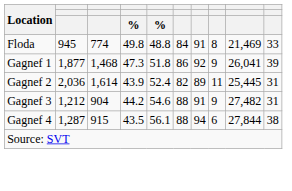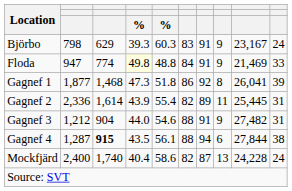 <table role="presentation" class="wikitable sortable mw-collapsible">
 <tr>
 <th rowspan="3">Location</th>
 <th></th>
 <th></th>
 <th></th>
 <th></th>
 <th></th>
 <th></th>
 <th></th>
 <th></th>
 <th></th>
 </tr>
 <tr>
 <th></th>
 <th></th>
 <th style="background:"></th>
 <th style="background:"></th>
 <th></th>
 <th></th>
 <th></th>
 <th></th>
 <th></th>
 </tr>
 <tr>
 <th data-sort-type="number"></th>
 <th data-sort-type="number"></th>
 <th data-sort-type="number">%</th>
 <th data-sort-type="number">%</th>
 <th data-sort-type="number"></th>
 <th data-sort-type="number"></th>
 <th data-sort-type="number"></th>
 <th data-sort-type="number"></th>
 <th data-sort-type="number"></th>
 </tr>
 <tr>
+<td align="left">Björbo</td>
+<td>798</td>
+<td>629</td>
+<td>39.3</td>
+<td>60.3</td>
+<td>83</td>
+<td>91</td>
+<td>9</td>
+<td>23,167</td>
+<td>24</td>
+</tr>
+<tr>
 <td align="left">Floda</td>
-<td>945</td>
+<td>947</td>
 <td>774</td>
-<td>49.8</td>
+<td style="background: lightyellow;">49.8</td>
 <td>48.8</td>
 <td>84</td>
 <td>91</td>
-<td>8</td>
+<td>9</td>
 <td>21,469</td>
 <td>33</td>
 </tr>
 <tr>
 <td align="left">Gagnef 1</td>
 <td>1,877</td>
 <td>1,468</td>
 <td>47.3</td>
 <td>51.8</td>
 <td>86</td>
 <td>92</td>
-<td>9</td>
+<td>8</td>
 <td>26,041</td>
 <td>39</td>
 </tr>
 <tr>
 <td align="left">Gagnef 2</td>
-<td>2,036</td>
+<td>2,336</td>
 <td>1,614</td>
 <td>43.9</td>
-<td>52.4</td>
+<td>55.4</td>
 <td>82</td>
 <td>89</td>
 <td>11</td>
 <td>25,445</td>
 <td>31</td>
 </tr>
 <tr>
 <td align="left">Gagnef 3</td>
 <td>1,212</td>
 <td>904</td>
-<td>44.2</td>
+<td>44.0</td>
 <td>54.6</td>
 <td>88</td>
 <td>91</td>
 <td>9</td>
 <td>27,482</td>
 <td>31</td>
 </tr>
 <tr>
 <td align="left">Gagnef 4</td>
 <td>1,287</td>
-<td>915</td>
+<td><strong>915</strong></td>
 <td>43.5</td>
 <td>56.1</td>
 <td>88</td>
 <td>94</td>
 <td>6</td>
 <td>27,844</td>
 <td>38</td>
 </tr>
 <tr>
+<td align="left">Mockfjärd</td>
+<td>2,400</td>
+<td>1,740</td>
+<td>40.4</td>
+<td>58.6</td>
+<td>82</td>
+<td>87</td>
+<td>13</td>
+<td>24,228</td>
+<td>24</td>
+</tr>
+<tr>
 <td colspan="10" align="left">Source: <a href='#'>SVT</a></td>
 </tr>
 </table>
